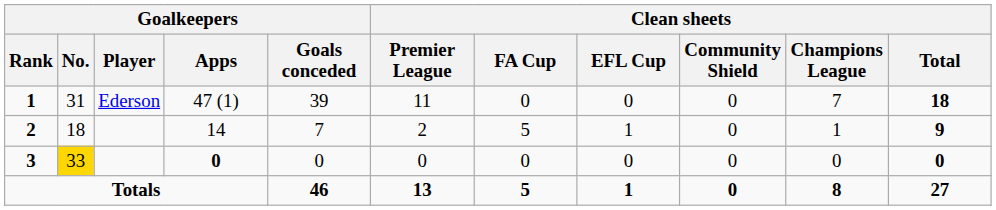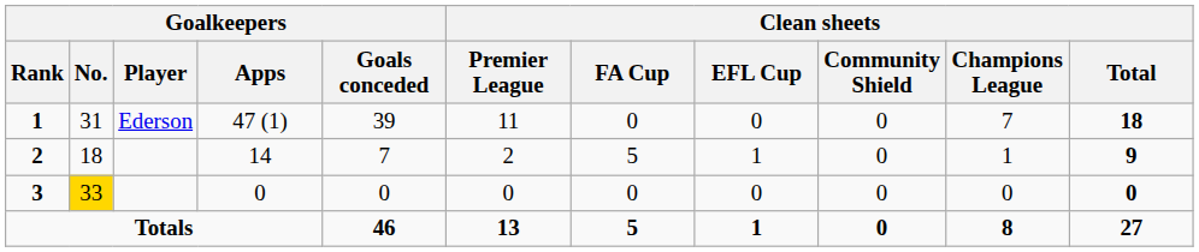 <table class="wikitable sortable alternance" style="text-align:center">
 <tr>
 <th colspan="5">Goalkeepers</th>
 <th colspan="6">Clean sheets</th>
 </tr>
 <tr>
 <th>Rank</th>
 <th>No.</th>
 <th>Player</th>
 <th width=80>Apps</th>
 <th width=80>Goals conceded</th>
 <th width=80>Premier League</th>
 <th width=80>FA Cup</th>
 <th width=80>EFL Cup</th>
 <th width=80>Community Shield</th>
 <th width=80>Champions League</th>
 <th width=80>Total</th>
 </tr>
 <tr>
 <td><strong>1</strong></td>
 <td>31</td>
 <td> <a href='#'>Ederson</a></td>
 <td>47 (1)</td>
 <td>39</td>
 <td>11</td>
 <td>0</td>
 <td>0</td>
 <td>0</td>
 <td>7</td>
 <td><strong>18</strong></td>
 </tr>
 <tr>
 <td><strong>2</strong></td>
 <td>18</td>
 <td></td>
 <td>14</td>
 <td>7</td>
 <td>2</td>
 <td>5</td>
 <td>1</td>
 <td>0</td>
 <td>1</td>
 <td><strong>9</strong></td>
 </tr>
 <tr>
 <td><strong>3</strong></td>
 <td style="background: gold;">33</td>
 <td></td>
-<td><strong>0</strong></td>
+<td>0</td>
 <td>0</td>
 <td>0</td>
 <td>0</td>
 <td>0</td>
 <td>0</td>
 <td>0</td>
 <td><strong>0</strong></td>
 </tr>
 <tr class="sortbottom">
 <td colspan="4"><strong>Totals</strong></td>
 <td><strong>46</strong></td>
 <td><strong>13</strong></td>
 <td><strong>5</strong></td>
 <td><strong>1</strong></td>
 <td><strong>0</strong></td>
 <td><strong>8</strong></td>
 <td><strong>27</strong></td>
 </tr>
 </table>
